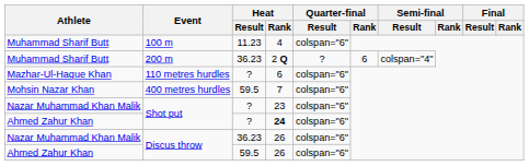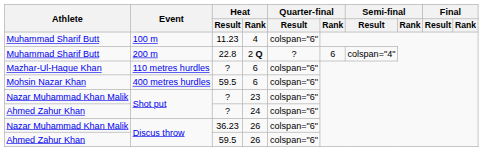 <table class=wikitable style=font-size:90%;text-align:center>
 <tr>
 <th rowspan=2>Athlete</th>
 <th rowspan=2>Event</th>
 <th colspan=2>Heat</th>
 <th colspan=2>Quarter-final</th>
 <th colspan=2>Semi-final</th>
 <th colspan=2>Final</th>
 </tr>
 <tr style=font-size:95%>
 <th>Result</th>
 <th>Rank</th>
 <th>Result</th>
 <th>Rank</th>
 <th>Result</th>
 <th>Rank</th>
 <th>Result</th>
 <th>Rank</th>
 </tr>
 <tr>
 <td align=left><a href='#'>Muhammad Sharif Butt</a></td>
 <td align=left><a href='#'>100 m</a></td>
 <td>11.23</td>
 <td>4</td>
 <td>colspan="6" </td>
 </tr>
 <tr>
 <td align=left><a href='#'>Muhammad Sharif Butt</a></td>
 <td align=left><a href='#'>200 m</a></td>
-<td>36.23</td>
+<td>22.8</td>
 <td>2 <strong>Q</strong></td>
 <td>?</td>
 <td>6</td>
 <td>colspan="4" </td>
 </tr>
 <tr>
 <td align=left><a href='#'>Mazhar-Ul-Haque Khan</a></td>
 <td align=left><a href='#'>110 metres hurdles</a></td>
 <td>?</td>
 <td>6</td>
 <td>colspan="6" </td>
 </tr>
 <tr>
 <td align=left><a href='#'>Mohsin Nazar Khan</a></td>
 <td align=left><a href='#'>400 metres hurdles</a></td>
 <td>59.5</td>
-<td>7</td>
+<td>6</td>
 <td>colspan="6" </td>
 </tr>
 <tr>
 <td align=left><a href='#'>Nazar Muhammad Khan Malik</a></td>
 <td align=left rowspan=2><a href='#'>Shot put</a></td>
 <td>?</td>
 <td>23</td>
 <td>colspan="6" </td>
 </tr>
 <tr>
 <td align=left><a href='#'>Ahmed Zahur Khan</a></td>
 <td>?</td>
-<td><strong>24</strong></td>
+<td>24</td>
 <td>colspan="6" </td>
 </tr>
 <tr>
 <td align=left><a href='#'>Nazar Muhammad Khan Malik</a></td>
 <td align=left rowspan=2><a href='#'>Discus throw</a></td>
 <td>36.23</td>
 <td>26</td>
 <td>colspan="6" </td>
 </tr>
 <tr>
 <td align=left><a href='#'>Ahmed Zahur Khan</a></td>
 <td>59.5</td>
 <td>26</td>
 <td>colspan="6" </td>
 </tr>
 </table>
